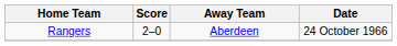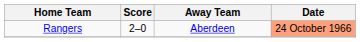 <table class="wikitable" style="text-align:center;">
 <tr>
 <th width=175>Home Team</th>
 <th width=20>Score</th>
 <th width=175>Away Team</th>
 <th width= 125>Date</th>
 </tr>
 <tr>
 <td><a href='#'>Rangers</a></td>
 <td>2–0</td>
 <td><a href='#'>Aberdeen</a></td>
-<td>24 October 1966</td>
+<td style="background: lightsalmon;">24 October 1966</td>
 </tr>
 <tr>
 </tr>
 </table>
